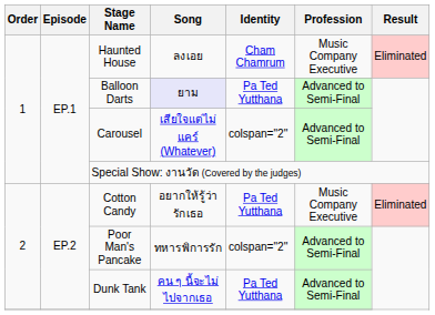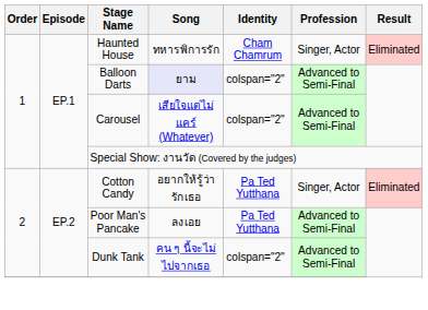 <table class="wikitable">
 <tr>
 <th>Order</th>
 <th>Episode</th>
 <th>Stage Name</th>
 <th>Song</th>
 <th>Identity</th>
 <th>Profession</th>
 <th>Result</th>
 </tr>
 <tr>
 <td rowspan="4" align="center">1</td>
 <td rowspan="4" align="center">EP.1</td>
 <td style="text-align:center;">Haunted House</td>
-<td style="text-align:center;">ลงเอย</td>
+<td style="text-align:center;">ทหารพิการรัก</td>
 <td style="text-align:center;"><a href='#'>Cham Chamrum</a></td>
-<td style="text-align:center;">Music Company Executive</td>
+<td style="text-align:center;">Singer, Actor</td>
 <td style="text-align:center; background:#ffcccc;">Eliminated</td>
 </tr>
 <tr>
 <td style="text-align:center;">Balloon Darts</td>
 <td style="background: lavender; text-align:center;">ยาม</td>
-<td style="text-align:center;"><a href='#'>Pa Ted Yutthana</a></td>
+<td>colspan="2"  </td>
 <td style="text-align:center; background:#ccffcc;">Advanced to Semi-Final</td>
 </tr>
 <tr>
 <td style="text-align:center;">Carousel</td>
 <td style="text-align:center;"><a href='#'>เสียใจแต่ไม่แคร์ (Whatever)</a></td>
 <td>colspan="2"  </td>
 <td style="text-align:center; background:#ccffcc;">Advanced to Semi-Final</td>
 </tr>
 <tr>
 <td colspan="5">Special Show: งานวัด <small>(Covered by the judges)</small></td>
 </tr>
 <tr>
 <td rowspan="3" align="center">2</td>
 <td rowspan="3" align="center">EP.2</td>
 <td style="text-align:center;">Cotton Candy</td>
 <td style="text-align:center;">อยากให้รู้ว่ารักเธอ</td>
 <td style="text-align:center;"><a href='#'>Pa Ted Yutthana</a></td>
-<td style="text-align:center;">Music Company Executive</td>
+<td style="text-align:center;">Singer, Actor</td>
 <td style="text-align:center; background:#ffcccc;">Eliminated</td>
 </tr>
 <tr>
 <td style="text-align:center;">Poor Man's Pancake</td>
-<td style="text-align:center;">ทหารพิการรัก</td>
-<td>colspan="2"  </td>
+<td style="text-align:center;">ลงเอย</td>
+<td style="text-align:center;"><a href='#'>Pa Ted Yutthana</a></td>
 <td style="text-align:center; background:#ccffcc;">Advanced to Semi-Final</td>
 </tr>
 <tr>
 <td style="text-align:center;">Dunk Tank</td>
 <td style="text-align:center;"><a href='#'>คน ๆ นี้จะไม่ไปจากเธอ</a></td>
-<td style="text-align:center;"><a href='#'>Pa Ted Yutthana</a></td>
+<td>colspan="2"  </td>
 <td style="text-align:center; background:#ccffcc;">Advanced to Semi-Final</td>
 </tr>
 <tr>
 </tr>
 </table>
